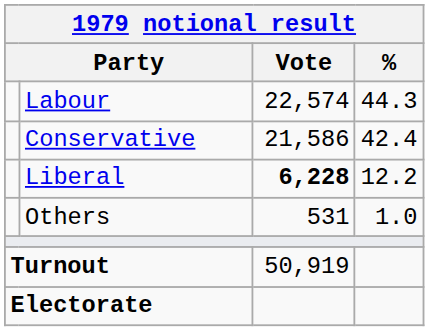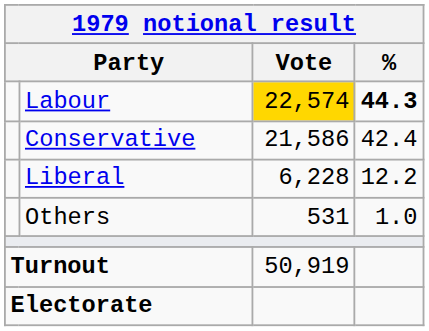 <table class="wikitable">
 <tr>
 <th colspan="4"><a href='#'>1979</a> <a href='#'>notional result</a></th>
 </tr>
 <tr>
 <th bgcolor="#DDDDFF" width="130px" colspan="2">Party</th>
 <th bgcolor="#DDDDFF" width="50px">Vote</th>
 <th bgcolor="#DDDDFF" width="30px">%</th>
 </tr>
 <tr>
 <td></td>
 <td><a href='#'>Labour</a></td>
-<td align=right>22,574</td>
-<td align=right>44.3</td>
+<td align=right style="background: gold;">22,574</td>
+<td align=right><strong>44.3</strong></td>
 </tr>
 <tr>
 <td></td>
 <td><a href='#'>Conservative</a></td>
 <td align=right>21,586</td>
 <td align=right>42.4</td>
 </tr>
 <tr>
 <td></td>
 <td><a href='#'>Liberal</a></td>
-<td align=right><strong>6,228</strong></td>
+<td align=right>6,228</td>
 <td align=right>12.2</td>
 </tr>
 <tr>
 <td></td>
 <td>Others</td>
 <td align=right>531</td>
 <td align=right>1.0</td>
 </tr>
 <tr>
 <td colspan="4" bgcolor="#EAECF0"></td>
 </tr>
 <tr>
 <td colspan="2"><strong>Turnout</strong></td>
 <td align=right>50,919</td>
 <td align=right></td>
 </tr>
 <tr>
 <td colspan="2"><strong>Electorate</strong></td>
 <td align=right></td>
 </tr>
 </table>
